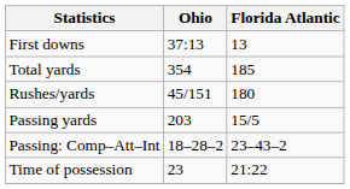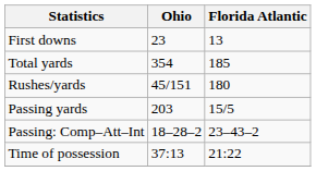 <table class="wikitable" style="float: left;">
 <tr>
 <th>Statistics</th>
 <th>Ohio</th>
 <th>Florida Atlantic</th>
 </tr>
 <tr>
 <td>First downs</td>
-<td>37:13</td>
+<td>23</td>
 <td>13</td>
 </tr>
 <tr>
 <td>Total yards</td>
 <td>354</td>
 <td>185</td>
 </tr>
 <tr>
 <td>Rushes/yards</td>
 <td>45/151</td>
 <td>180</td>
 </tr>
 <tr>
 <td>Passing yards</td>
 <td>203</td>
 <td>15/5</td>
 </tr>
 <tr>
 <td>Passing: Comp–Att–Int</td>
 <td>18–28–2</td>
 <td>23–43–2</td>
 </tr>
 <tr>
 <td>Time of possession</td>
-<td>23</td>
+<td>37:13</td>
 <td>21:22</td>
 </tr>
 <tr>
 </tr>
 </table>
